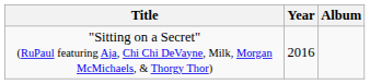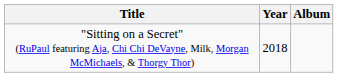 <table class="wikitable plainrowheaders" style="text-align:center;">
 <tr>
 <th style="width:20em;">Title</th>
 <th>Year</th>
 <th>Album</th>
 </tr>
 <tr>
 <td>"Sitting on a Secret" <br><small>(<a href='#'>RuPaul</a> featuring <a href='#'>Aja</a>, <a href='#'>Chi Chi DeVayne</a>, Milk, <a href='#'>Morgan McMichaels</a>, & <a href='#'>Thorgy Thor</a>)</small></td>
-<td>2016</td>
+<td>2018</td>
 <td></td>
 </tr>
 </table>
